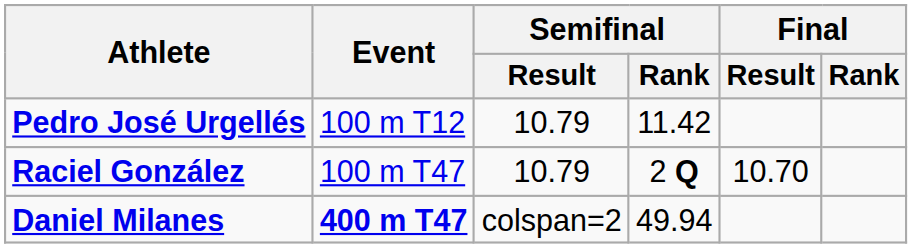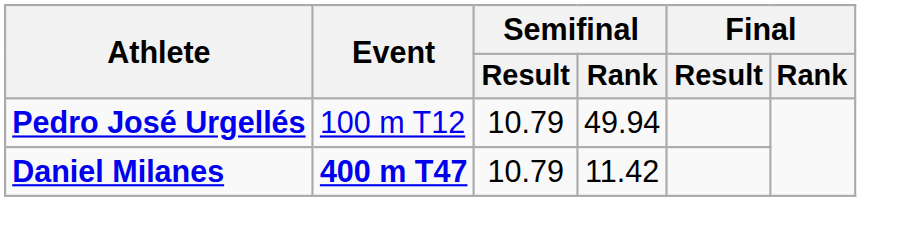 <table class="wikitable" style="font-size:90%">
 <tr>
 <th rowspan="2">Athlete</th>
 <th rowspan="2">Event</th>
 <th colspan="2">Semifinal</th>
 <th colspan="2">Final</th>
 </tr>
 <tr style="font-size:95%">
 <th>Result</th>
 <th>Rank</th>
 <th>Result</th>
 <th>Rank</th>
 </tr>
 <tr align=center>
 <td align=left><strong><a href='#'>Pedro José Urgellés</a></strong></td>
 <td align=left><a href='#'>100 m T12</a></td>
 <td>10.79</td>
-<td>11.42</td>
-<td></td>
-</tr>
-<tr align=center>
-<td align=left><strong><a href='#'>Raciel González</a></strong></td>
-<td align=left><a href='#'>100 m T47</a></td>
-<td>10.79</td>
-<td>2 <strong>Q</strong></td>
-<td>10.70</td>
+<td>49.94</td>
 <td></td>
 </tr>
 <tr align=center>
 <td align=left><strong><a href='#'>Daniel Milanes</a></strong></td>
 <td align=left><strong><a href='#'>400 m T47</a></strong></td>
-<td>colspan=2 </td>
-<td>49.94</td>
+<td>10.79</td>
+<td>11.42</td>
 <td></td>
 </tr>
 </table>
